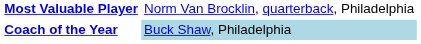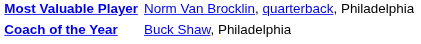 <table cellpadding="3" cellspacing="1">
 <tr>
 <td><strong><a href='#'>Most Valuable Player</a></strong></td>
 <td><a href='#'>Norm Van Brocklin</a>, <a href='#'>quarterback</a>, Philadelphia</td>
 </tr>
 <tr>
 <td><strong><a href='#'>Coach of the Year</a></strong></td>
-<td style="background: lightblue;"><a href='#'>Buck Shaw</a>, Philadelphia</td>
+<td><a href='#'>Buck Shaw</a>, Philadelphia</td>
 </tr>
 </table>
